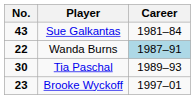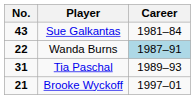 <table class="wikitable sortable" style="text-align:center">
 <tr>
 <th width=40px>No.</th>
 <th width=120px>Player</th>
 <th width=80px>Career</th>
 </tr>
 <tr>
 <td><strong>43</strong></td>
 <td><a href='#'>Sue Galkantas</a></td>
 <td>1981–84</td>
 </tr>
 <tr>
 <td><strong>22</strong></td>
 <td>Wanda Burns</td>
 <td style="background: lightblue;">1987–91</td>
 </tr>
 <tr>
-<td><strong>30</strong></td>
+<td><strong>31</strong></td>
 <td><a href='#'>Tia Paschal</a></td>
 <td>1989–93</td>
 </tr>
 <tr>
-<td><strong>23</strong></td>
+<td><strong>21</strong></td>
 <td><a href='#'>Brooke Wyckoff</a></td>
 <td>1997–01</td>
 </tr>
 </table>
